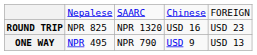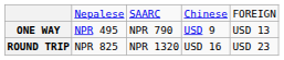 <table class="wikitable">
 <tr>
 <th></th>
 <td><a href='#'>Nepalese</a></td>
 <td><a href='#'>SAARC</a></td>
 <td><a href='#'>Chinese</a></td>
 <td>FOREIGN</td>
 </tr>
 <tr>
+<th>ONE WAY</th>
+<td><a href='#'>NPR</a> 495</td>
+<td>NPR 790</td>
+<td><a href='#'>USD</a> 9</td>
+<td>USD 13</td>
+</tr>
+<tr>
 <th>ROUND TRIP</th>
 <td>NPR 825</td>
 <td>NPR 1320</td>
 <td>USD 16</td>
 <td>USD 23</td>
 </tr>
-<tr>
-<th>ONE WAY</th>
-<td><a href='#'>NPR</a> 495</td>
-<td>NPR 790</td>
-<td><a href='#'>USD</a> 9</td>
-<td>USD 13</td>
-</tr>
 </table>
